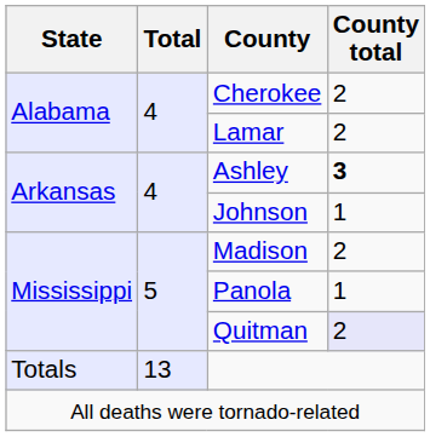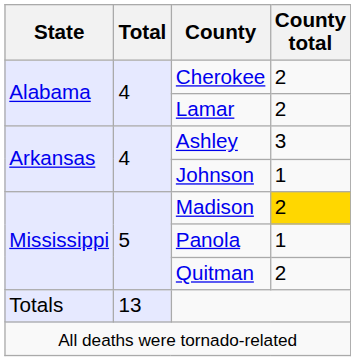 <table class="wikitable" style="margin:0 0 0.5em 1em;float:right;">
 <tr>
 <th>State</th>
 <th>Total</th>
 <th>County</th>
 <th>County<br>total</th>
 </tr>
 <tr>
 <td rowspan=2 bgcolor="#e6e9ff"><a href='#'>Alabama</a></td>
 <td rowspan=2 bgcolor="#e6e9ff">4</td>
 <td><a href='#'>Cherokee</a></td>
 <td>2</td>
 </tr>
 <tr>
 <td><a href='#'>Lamar</a></td>
 <td>2</td>
 </tr>
 <tr>
 <td rowspan=2 bgcolor="#e6e9ff"><a href='#'>Arkansas</a></td>
 <td rowspan=2 bgcolor="#e6e9ff">4</td>
 <td><a href='#'>Ashley</a></td>
-<td><strong>3</strong></td>
+<td>3</td>
 </tr>
 <tr>
 <td><a href='#'>Johnson</a></td>
 <td>1</td>
 </tr>
 <tr>
 <td rowspan=3 bgcolor="#e6e9ff"><a href='#'>Mississippi</a></td>
 <td rowspan=3 bgcolor="#e6e9ff">5</td>
 <td><a href='#'>Madison</a></td>
-<td>2</td>
+<td style="background: gold;">2</td>
 </tr>
 <tr>
 <td><a href='#'>Panola</a></td>
 <td>1</td>
 </tr>
 <tr>
 <td><a href='#'>Quitman</a></td>
-<td style="background: lavender;">2</td>
+<td>2</td>
 </tr>
 <tr>
 <td bgcolor="#e6e9ff">Totals</td>
 <td bgcolor="#e6e9ff">13</td>
 <td colspan=2></td>
 </tr>
 <tr>
 <td colspan=4 align=center><small>All deaths were tornado-related</small></td>
 </tr>
 </table>
